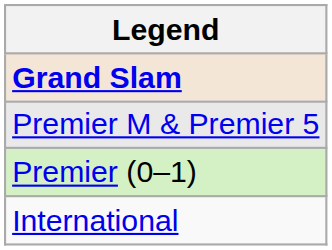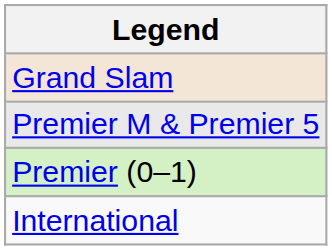 <table class="wikitable" style=font-size:90%>
 <tr>
 <th>Legend</th>
 </tr>
 <tr>
-<td style="background:#f3e6d7;"><strong><a href='#'>Grand Slam</a></strong></td>
+<td style="background:#f3e6d7;"><a href='#'>Grand Slam</a></td>
 </tr>
 <tr>
 <td style="background:#e9e9e9;"><a href='#'>Premier M & Premier 5</a></td>
 </tr>
 <tr>
 <td style="background:#d4f1c5;"><a href='#'>Premier</a> (0–1)</td>
 </tr>
 <tr>
 <td><a href='#'>International</a></td>
 </tr>
 </table>
